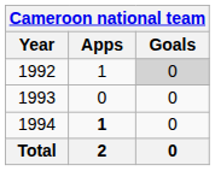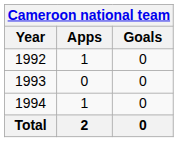 <table class="wikitable" style="text-align:center">
 <tr>
 <th colspan=3><a href='#'>Cameroon national team</a></th>
 </tr>
 <tr>
 <th>Year</th>
 <th>Apps</th>
 <th>Goals</th>
 </tr>
 <tr>
 <td>1992</td>
 <td>1</td>
-<td style="background: lightgrey;">0</td>
+<td>0</td>
 </tr>
 <tr>
 <td>1993</td>
 <td>0</td>
 <td>0</td>
 </tr>
 <tr>
 <td>1994</td>
-<td><strong>1</strong></td>
+<td>1</td>
 <td>0</td>
 </tr>
 <tr>
 <th>Total</th>
 <th>2</th>
 <th>0</th>
 </tr>
 </table>
